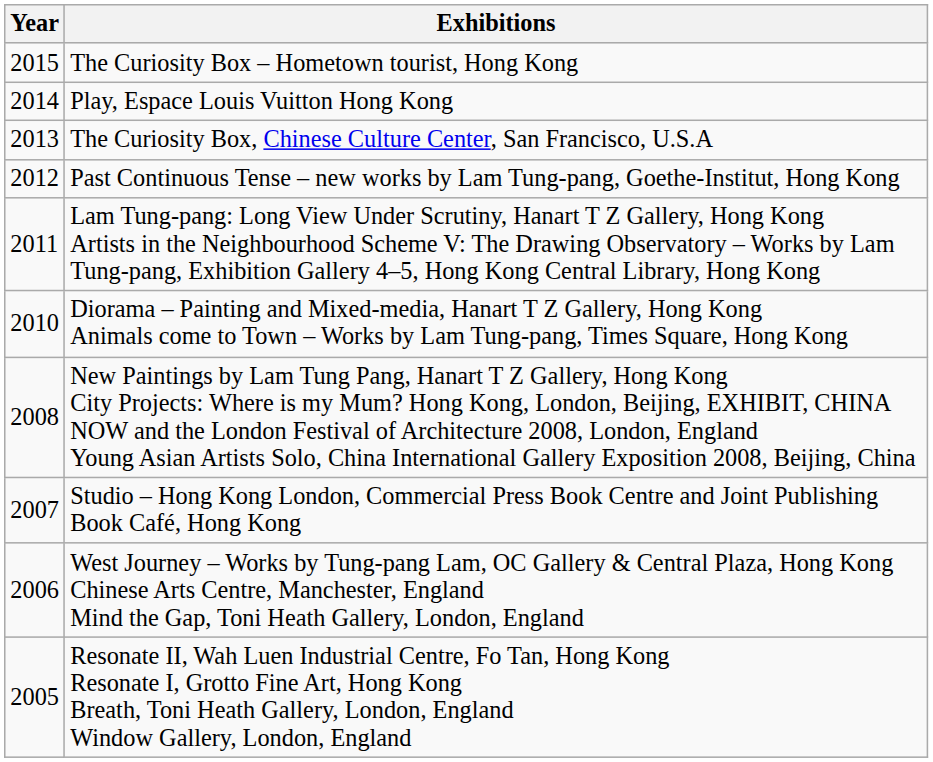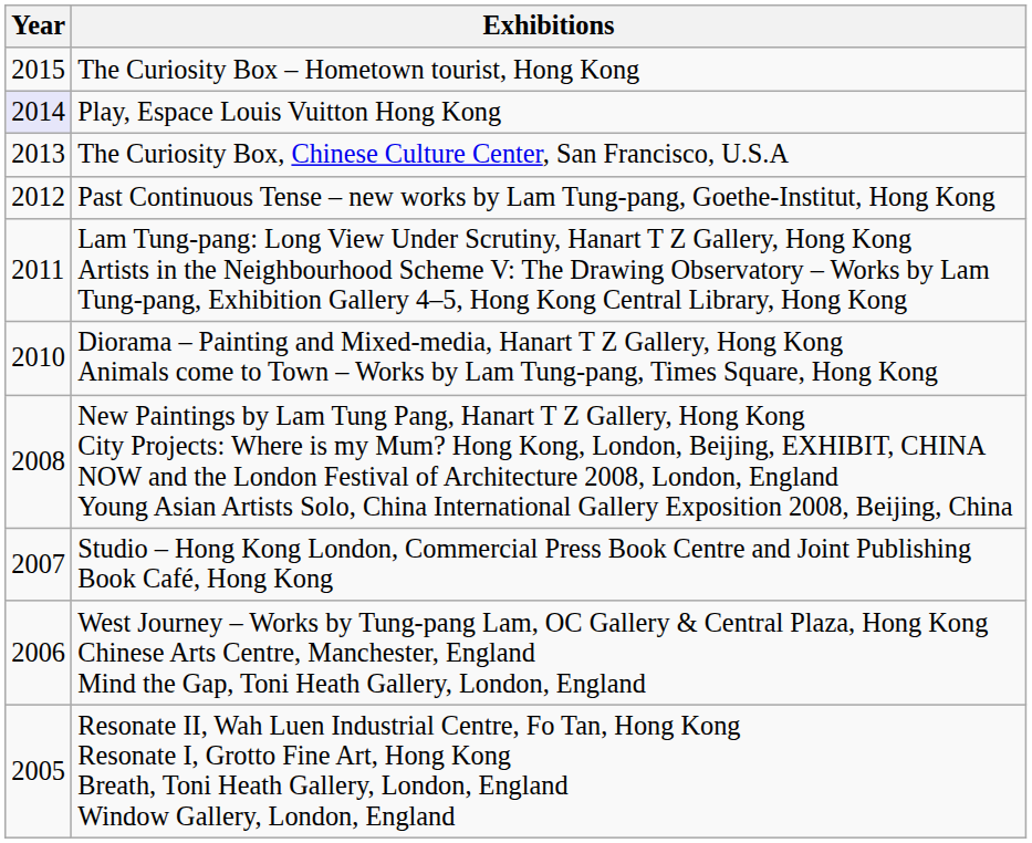 <table class="wikitable">
 <tr>
 <th>Year</th>
 <th>Exhibitions</th>
 </tr>
 <tr>
 <td>2015</td>
 <td>The Curiosity Box – Hometown tourist, Hong Kong</td>
 </tr>
 <tr>
-<td>2014</td>
+<td style="background: lavender;">2014</td>
 <td>Play, Espace Louis Vuitton Hong Kong</td>
 </tr>
 <tr>
 <td>2013</td>
 <td>The Curiosity Box, <a href='#'>Chinese Culture Center</a>, San Francisco, U.S.A</td>
 </tr>
 <tr>
 <td>2012</td>
 <td>Past Continuous Tense – new works by Lam Tung-pang, Goethe-Institut, Hong Kong</td>
 </tr>
 <tr>
 <td>2011</td>
 <td>Lam Tung-pang: Long View Under Scrutiny, Hanart T Z Gallery, Hong Kong<br>Artists in the Neighbourhood Scheme V: The Drawing Observatory – Works by Lam Tung-pang, Exhibition Gallery 4–5, Hong Kong Central Library, Hong Kong</td>
 </tr>
 <tr>
 <td>2010</td>
 <td>Diorama – Painting and Mixed-media, Hanart T Z Gallery, Hong Kong<br>Animals come to Town – Works by Lam Tung-pang, Times Square, Hong Kong</td>
 </tr>
 <tr>
 <td>2008</td>
 <td>New Paintings by Lam Tung Pang, Hanart T Z Gallery, Hong Kong<br>City Projects: Where is my Mum? Hong Kong, London, Beijing, EXHIBIT, CHINA NOW and the London Festival of Architecture 2008, London, England<br>Young Asian Artists Solo, China International Gallery Exposition 2008, Beijing, China</td>
 </tr>
 <tr>
 <td>2007</td>
 <td>Studio – Hong Kong London, Commercial Press Book Centre and Joint Publishing Book Café, Hong Kong</td>
 </tr>
 <tr>
 <td>2006</td>
 <td>West Journey – Works by Tung-pang Lam, OC Gallery & Central Plaza, Hong Kong<br>Chinese Arts Centre, Manchester, England<br>Mind the Gap, Toni Heath Gallery, London, England</td>
 </tr>
 <tr>
 <td>2005</td>
 <td>Resonate II, Wah Luen Industrial Centre, Fo Tan, Hong Kong<br>Resonate I, Grotto Fine Art, Hong Kong<br>Breath, Toni Heath Gallery, London, England<br>Window Gallery, London, England</td>
 </tr>
 </table>
